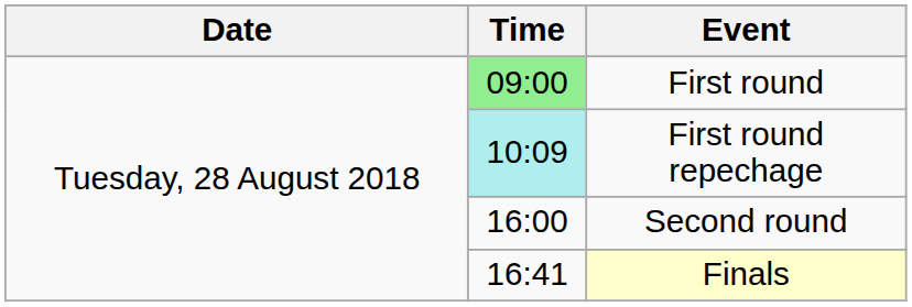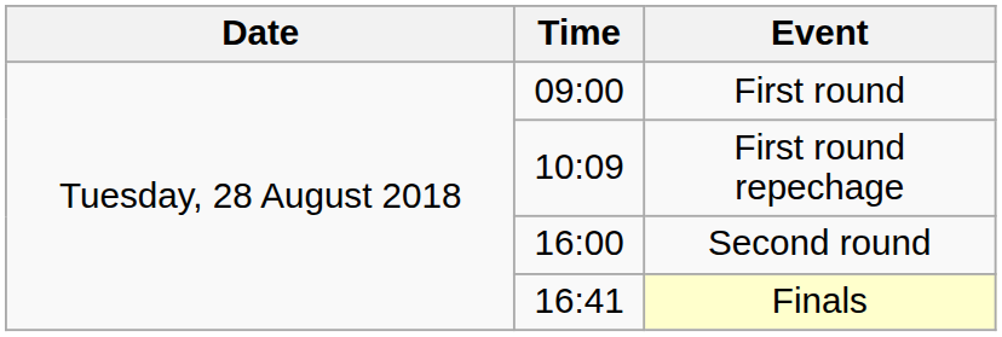 <table class = "wikitable" style="text-align:center;">
 <tr>
 <th width=220>Date</th>
 <th width=50>Time</th>
 <th width=150>Event</th>
 </tr>
 <tr>
 <td rowspan=4>Tuesday, 28 August 2018</td>
-<td style="background: lightgreen;">09:00</td>
+<td>09:00</td>
 <td>First round</td>
 </tr>
 <tr>
-<td style="background: paleturquoise;">10:09</td>
+<td>10:09</td>
 <td>First round repechage</td>
 </tr>
 <tr>
 <td>16:00</td>
 <td>Second round</td>
 </tr>
 <tr>
 <td>16:41</td>
 <td bgcolor=ffffcc>Finals</td>
 </tr>
 </table>
